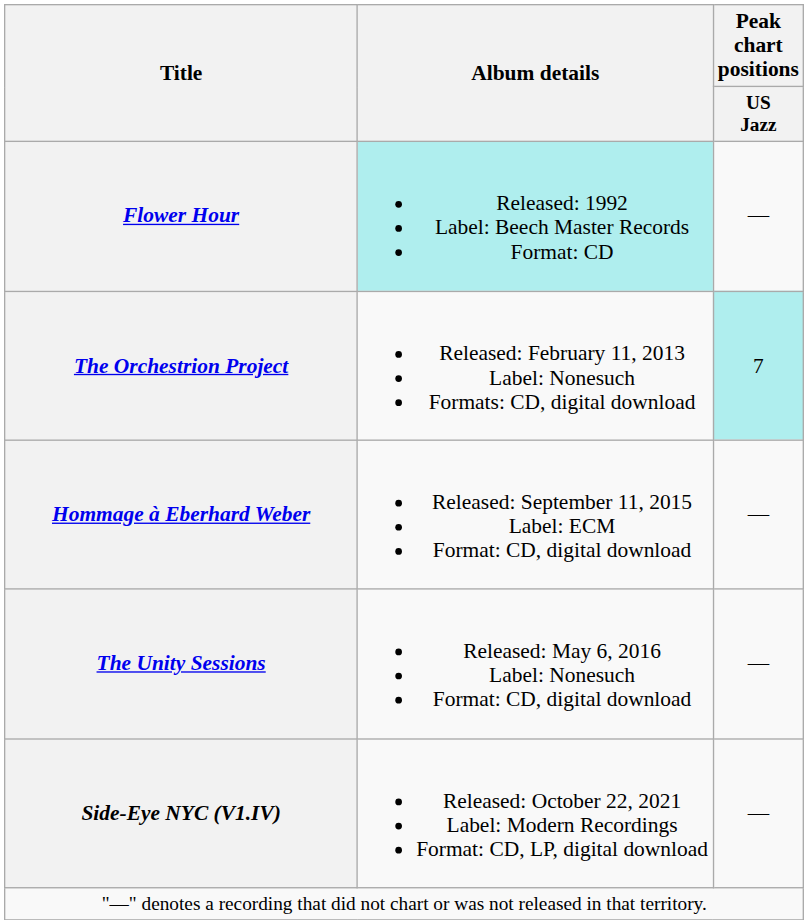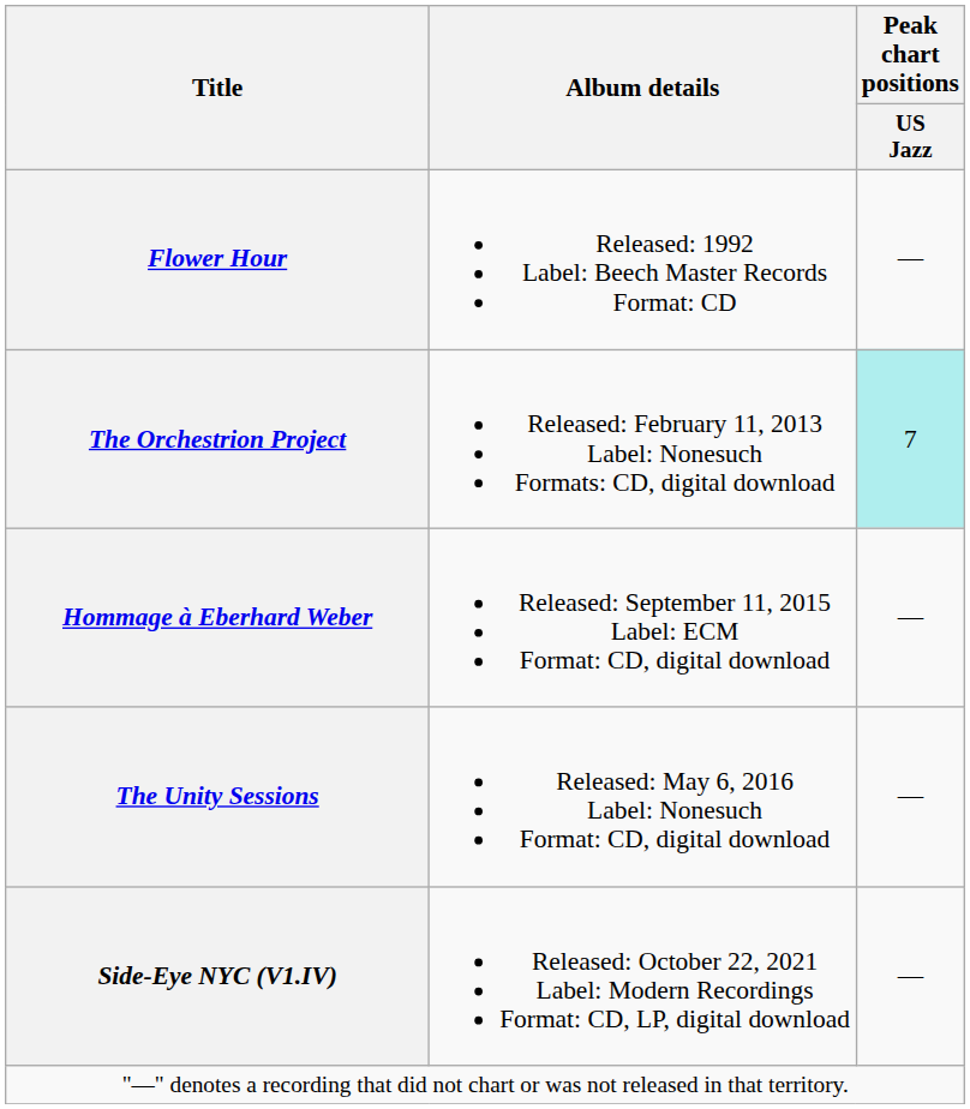 <table class="wikitable plainrowheaders" style="text-align:center;">
 <tr>
 <th scope="col" rowspan="2" style="width:16em;">Title</th>
 <th scope="col" rowspan="2">Album details</th>
 <th scope="col">Peak chart positions</th>
 </tr>
 <tr>
 <th scope="col" style="width:3em;font-size:90%;">US<br>Jazz<br></th>
 </tr>
 <tr>
 <th scope="row"><em><a href='#'>Flower Hour</a></em></th>
-<td style="background: paleturquoise;"><br><ul><li>Released: 1992</li><li>Label: Beech Master Records</li><li>Format: CD</li></ul></td>
+<td><br><ul><li>Released: 1992</li><li>Label: Beech Master Records</li><li>Format: CD</li></ul></td>
 <td>—</td>
 </tr>
 <tr>
 <th scope="row"><em><a href='#'>The Orchestrion Project</a></em></th>
 <td><br><ul><li>Released: February 11, 2013</li><li>Label: Nonesuch</li><li>Formats: CD, digital download</li></ul></td>
 <td style="background: paleturquoise;">7</td>
 </tr>
 <tr>
 <th scope="row"><em><a href='#'>Hommage à Eberhard Weber</a></em></th>
 <td><br><ul><li>Released: September 11, 2015</li><li>Label: ECM</li><li>Format: CD, digital download</li></ul></td>
 <td>—</td>
 </tr>
 <tr>
 <th scope="row"><em><a href='#'>The Unity Sessions</a></em></th>
 <td><br><ul><li>Released: May 6, 2016</li><li>Label: Nonesuch</li><li>Format: CD, digital download</li></ul></td>
 <td>—</td>
 </tr>
 <tr>
 <th scope="row"><em>Side-Eye NYC (V1.IV)</em></th>
 <td><br><ul><li>Released: October 22, 2021</li><li>Label: Modern Recordings</li><li>Format: CD, LP, digital download</li></ul></td>
 <td>—</td>
 </tr>
 <tr>
 <td colspan="20" style="font-size:90%">"—" denotes a recording that did not chart or was not released in that territory.</td>
 </tr>
 </table>
